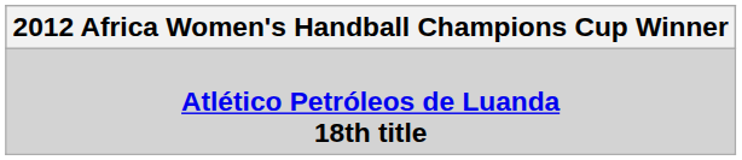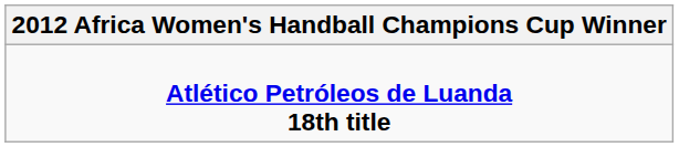 <table class=wikitable style="text-align:center; margin:auto">
 <tr>
 <th>2012 Africa Women's Handball Champions Cup Winner</th>
 </tr>
 <tr>
-<td style="background: lightgrey;"><br><strong><a href='#'>Atlético Petróleos de Luanda</a></strong><br><strong>18th title</strong></td>
+<td><br><strong><a href='#'>Atlético Petróleos de Luanda</a></strong><br><strong>18th title</strong></td>
 </tr>
 </table>
